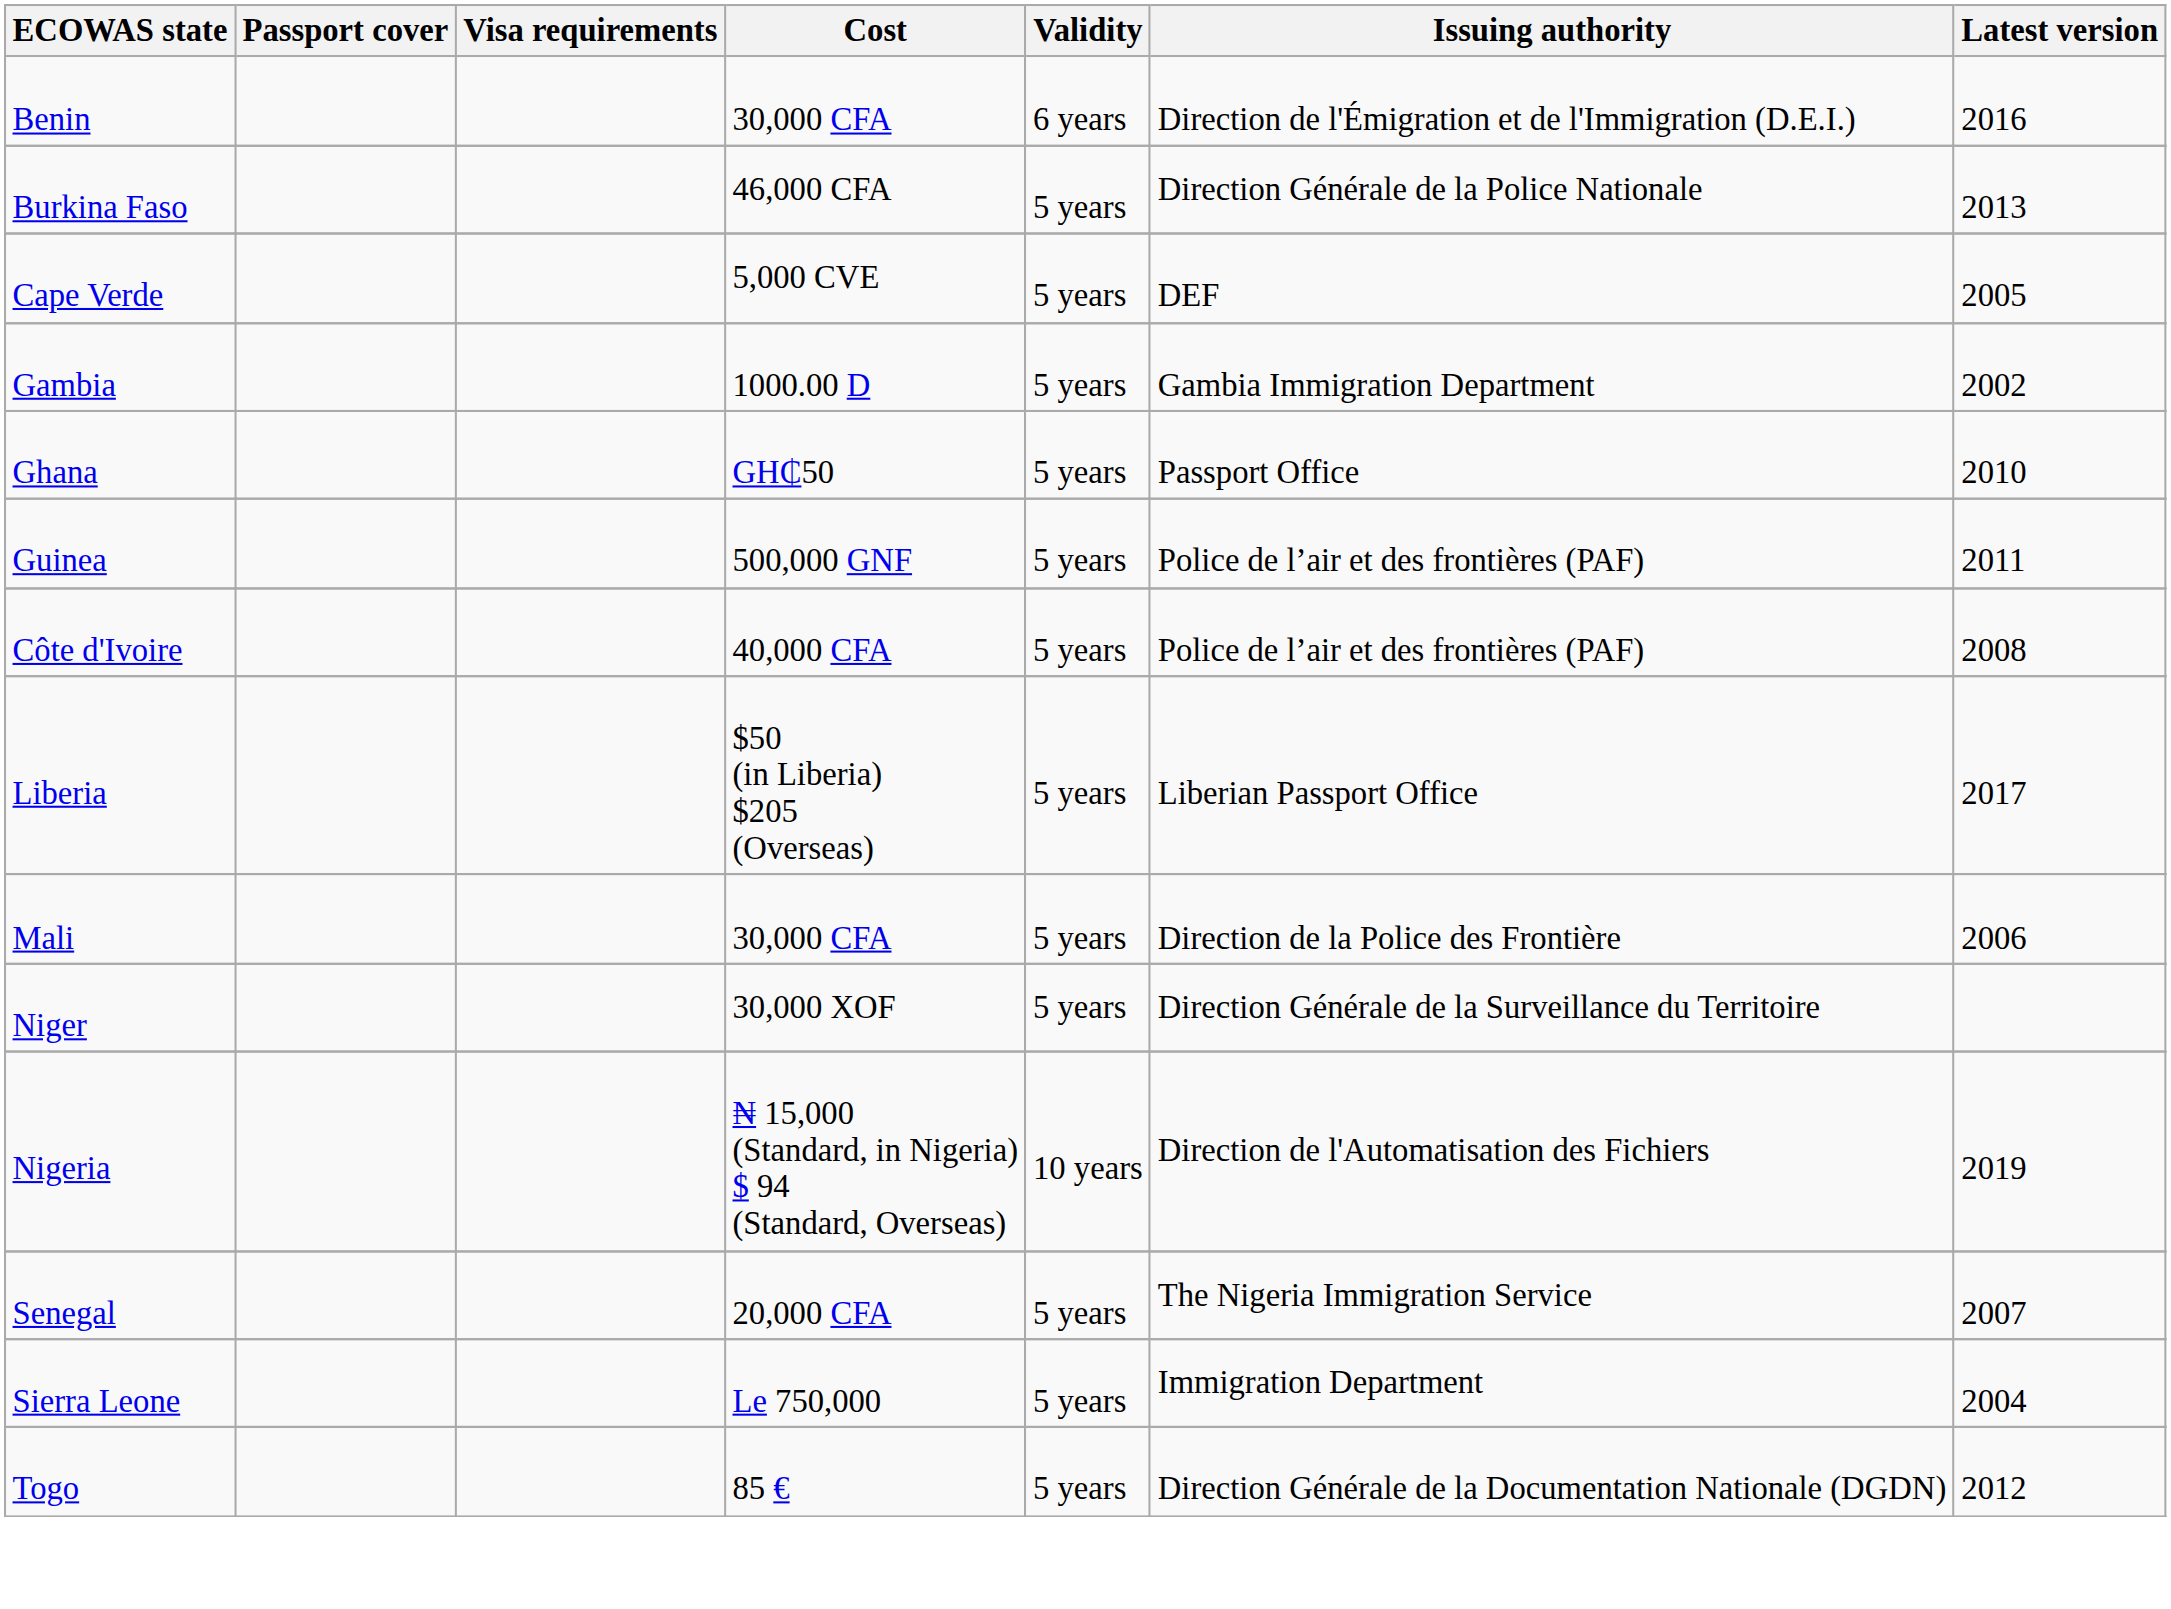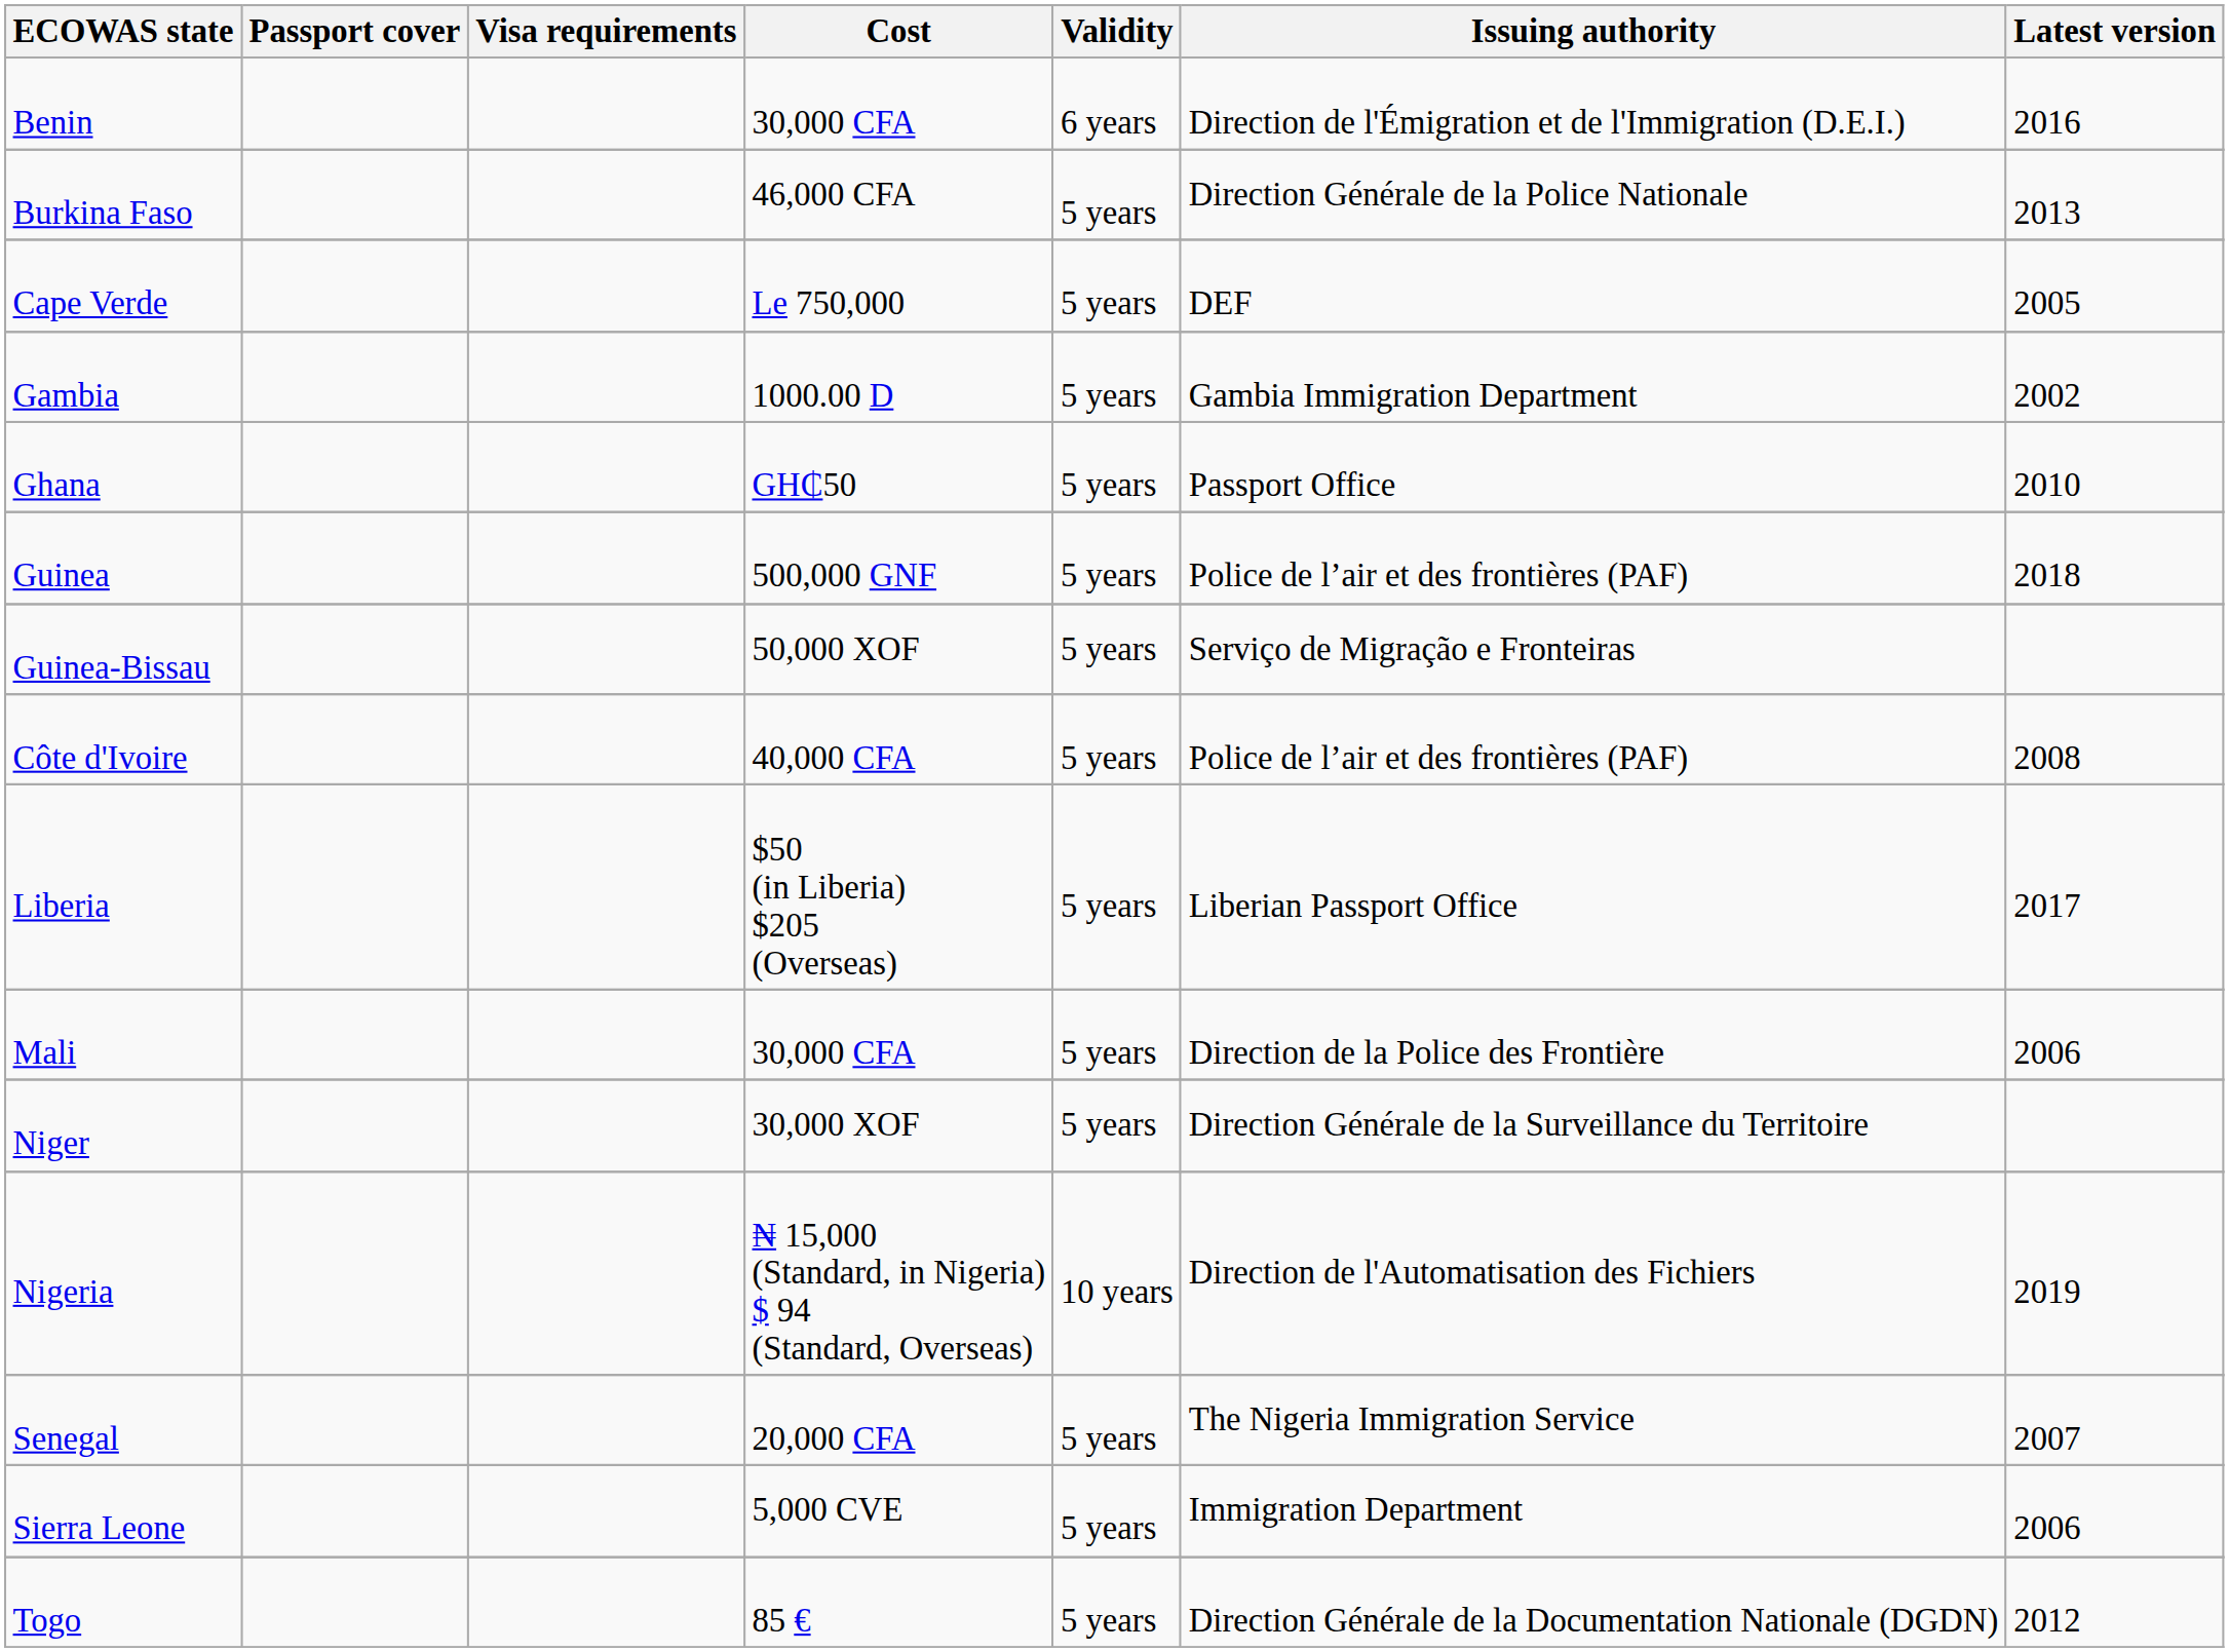 <table class="wikitable">
 <tr>
 <th>ECOWAS state</th>
 <th>Passport cover</th>
 <th>Visa requirements</th>
 <th>Cost</th>
 <th>Validity</th>
 <th>Issuing authority</th>
 <th>Latest version</th>
 </tr>
 <tr>
 <td> <br><a href='#'>Benin</a> <br></td>
 <td><br></td>
 <td><br></td>
 <td><br>30,000 <a href='#'>CFA</a></td>
 <td><br>6 years</td>
 <td><br>Direction de l'Émigration et de l'Immigration (D.E.I.)</td>
 <td><br>2016</td>
 </tr>
 <tr>
 </tr>
 <tr>
 <td> <br><a href='#'>Burkina Faso</a></td>
 <td><br></td>
 <td><br></td>
 <td>46,000 CFA</td>
 <td><br>5 years</td>
 <td>Direction Générale de la Police Nationale</td>
 <td><br>2013</td>
 </tr>
 <tr>
 </tr>
 <tr>
 <td><br> <a href='#'>Cape Verde</a></td>
 <td><br></td>
 <td><br></td>
-<td>5,000 CVE</td>
+<td><br><a href='#'>Le</a> 750,000</td>
 <td><br>5 years</td>
 <td><br>DEF</td>
 <td><br>2005</td>
 </tr>
 <tr>
 </tr>
 <tr>
 <td> <br><a href='#'>Gambia</a></td>
 <td></td>
 <td><br></td>
 <td><br>1000.00 <a href='#'>D</a></td>
 <td><br>5 years</td>
 <td><br>Gambia Immigration Department</td>
 <td><br>2002</td>
 </tr>
 <tr>
 </tr>
 <tr>
 <td><br> <a href='#'>Ghana</a><br></td>
 <td><br></td>
 <td><br></td>
 <td><br><a href='#'>GH₵</a>50</td>
 <td><br>5 years</td>
 <td><br>Passport Office</td>
 <td><br>2010</td>
 </tr>
 <tr>
 </tr>
 <tr>
 <td><br> <a href='#'>Guinea</a><br></td>
 <td><br></td>
 <td><br></td>
 <td><br>500,000 <a href='#'>GNF</a></td>
 <td><br>5 years</td>
 <td><br>Police de l’air et des frontières (PAF)</td>
-<td><br>2011</td>
+<td><br>2018</td>
 </tr>
 <tr>
+</tr>
+<tr>
+<td> <br><a href='#'>Guinea-Bissau</a><br></td>
+<td><br></td>
+<td><br></td>
+<td>50,000 XOF</td>
+<td>5 years</td>
+<td>Serviço de Migração e Fronteiras</td>
+<td></td>
 </tr>
 <tr>
 </tr>
 <tr>
 <td><br> <a href='#'>Côte d'Ivoire</a><br></td>
 <td></td>
 <td><br></td>
 <td><br>40,000 <a href='#'>CFA</a></td>
 <td><br>5 years</td>
 <td><br>Police de l’air et des frontières (PAF)</td>
 <td><br>2008</td>
 </tr>
 <tr>
 </tr>
 <tr>
 <td> <br><a href='#'>Liberia</a><br></td>
 <td><br></td>
 <td><br></td>
 <td><br>$50 <br>(in Liberia) <br> $205 <br>(Overseas)  </td>
 <td><br>5 years</td>
 <td><br>Liberian Passport Office</td>
 <td><br>2017</td>
 </tr>
 <tr>
 </tr>
 <tr>
 <td><br> <a href='#'>Mali</a><br></td>
 <td><br></td>
 <td><br></td>
 <td><br>30,000 <a href='#'>CFA</a></td>
 <td><br>5 years</td>
 <td><br>Direction de la Police des Frontière</td>
 <td><br>2006</td>
 </tr>
 <tr>
 </tr>
 <tr>
 <td><br> <a href='#'>Niger</a><br></td>
 <td><br></td>
 <td><br></td>
 <td>30,000 XOF</td>
 <td>5 years</td>
 <td>Direction Générale de la Surveillance du Territoire</td>
 <td></td>
 </tr>
 <tr>
 </tr>
 <tr>
 <td><br> <a href='#'>Nigeria</a><br></td>
 <td><br></td>
 <td><br></td>
 <td><br><a href='#'>₦</a> 15,000 <br> (Standard, in Nigeria) <br> <a href='#'>$</a> 94 <br> (Standard, Overseas) <br></td>
 <td><br>10 years</td>
 <td>Direction de l'Automatisation des Fichiers</td>
 <td><br>2019</td>
 </tr>
 <tr>
 </tr>
 <tr>
 <td><br> <a href='#'>Senegal</a><br></td>
 <td></td>
 <td><br></td>
 <td><br>20,000 <a href='#'>CFA</a></td>
 <td><br>5 years</td>
 <td>The Nigeria Immigration Service</td>
 <td><br>2007</td>
 </tr>
 <tr>
 </tr>
 <tr>
 <td><br> <a href='#'>Sierra Leone</a></td>
 <td><br></td>
 <td><br></td>
-<td><br><a href='#'>Le</a> 750,000</td>
+<td>5,000 CVE</td>
 <td><br>5 years</td>
 <td>Immigration Department</td>
-<td><br>2004</td>
+<td><br>2006</td>
 </tr>
 <tr>
 </tr>
 <tr>
 <td><br> <a href='#'>Togo</a><br></td>
 <td><br></td>
 <td><br></td>
 <td><br>85 <a href='#'>€</a></td>
 <td><br>5 years</td>
 <td><br>Direction Générale de la Documentation Nationale (DGDN)</td>
 <td><br>2012</td>
 </tr>
 <tr>
 </tr>
 </table>
